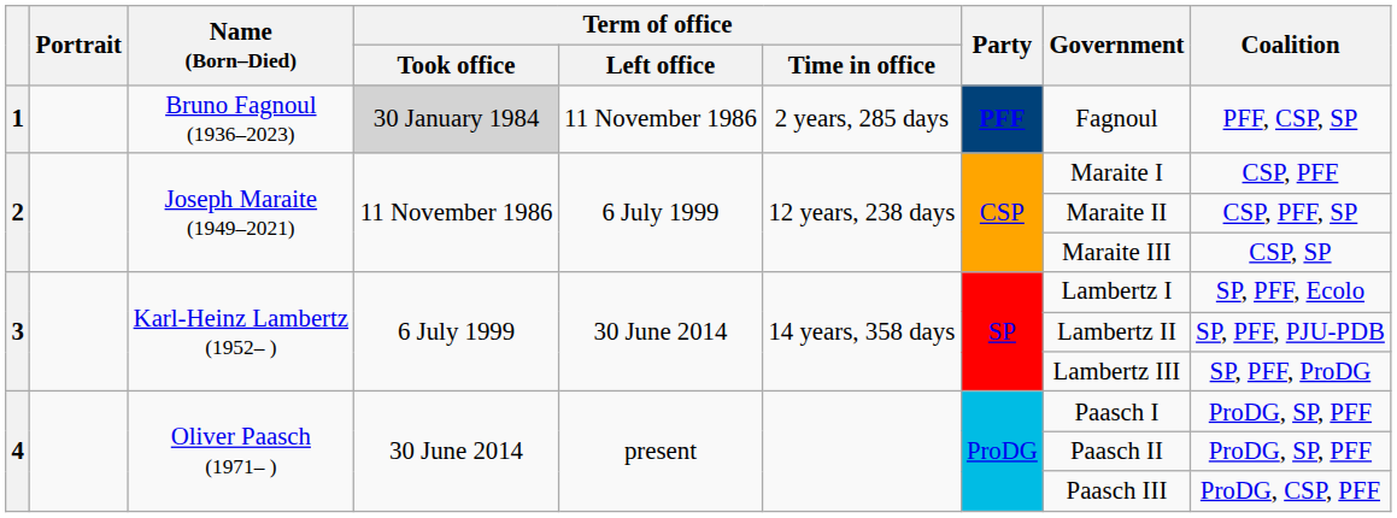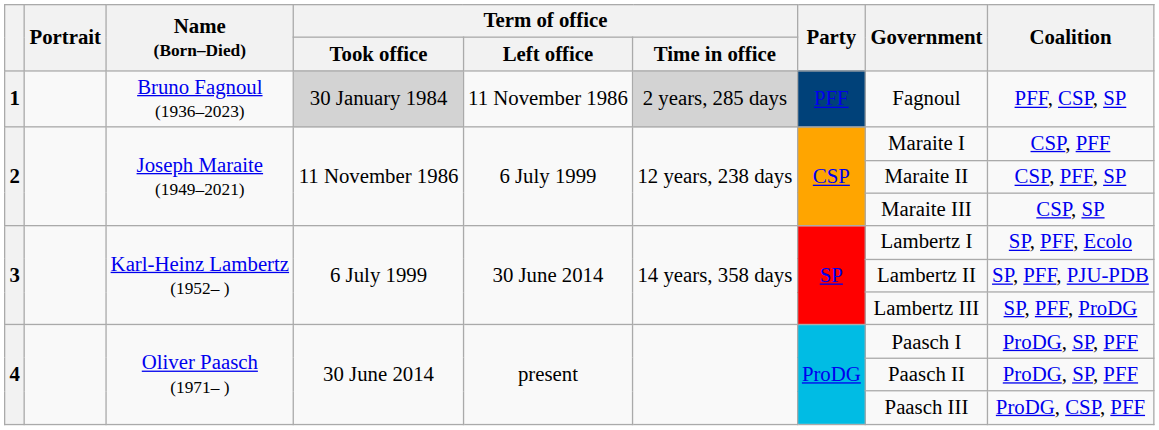 <table class="wikitable" style="text-align:center;">
 <tr>
 <th rowspan="2"></th>
 <th rowspan="2">Portrait</th>
 <th rowspan="2">Name<br><small>(Born–Died)</small></th>
 <th colspan="3">Term of office</th>
 <th rowspan="2">Party</th>
 <th rowspan="2">Government</th>
 <th rowspan="2">Coalition</th>
 </tr>
 <tr>
 <th>Took office</th>
 <th>Left office</th>
 <th>Time in office</th>
 </tr>
 <tr>
 <th style="background:">1</th>
 <td></td>
 <td><a href='#'>Bruno Fagnoul</a><br><small>(1936–2023)</small></td>
 <td style="background: lightgrey;">30 January 1984</td>
 <td>11 November 1986</td>
-<td>2 years, 285 days</td>
-<td bgcolor="#004179"><strong><a href='#'>PFF</a></strong></td>
+<td style="background: lightgrey;">2 years, 285 days</td>
+<td bgcolor="#004179"><a href='#'>PFF</a></td>
 <td>Fagnoul</td>
 <td><a href='#'>PFF</a>, <a href='#'>CSP</a>, <a href='#'>SP</a></td>
 </tr>
 <tr>
 <th rowspan="3" style="background:">2</th>
 <td rowspan="3"></td>
 <td rowspan="3"><a href='#'>Joseph Maraite</a><br><small>(1949–2021)</small></td>
 <td rowspan="3">11 November 1986</td>
 <td rowspan="3">6 July 1999</td>
 <td rowspan="3">12 years, 238 days</td>
 <td rowspan="3" bgcolor="#FFA500"><a href='#'>CSP</a></td>
 <td>Maraite I</td>
 <td><a href='#'>CSP</a>, <a href='#'>PFF</a></td>
 </tr>
 <tr>
 <td>Maraite II</td>
 <td><a href='#'>CSP</a>, <a href='#'>PFF</a>, <a href='#'>SP</a></td>
 </tr>
 <tr>
 <td>Maraite III</td>
 <td><a href='#'>CSP</a>, <a href='#'>SP</a></td>
 </tr>
 <tr>
 <th rowspan="3" style="background:">3</th>
 <td rowspan="3"></td>
 <td rowspan="3"><a href='#'>Karl-Heinz Lambertz</a><br><small>(1952– )</small></td>
 <td rowspan="3">6 July 1999</td>
 <td rowspan="3">30 June 2014</td>
 <td rowspan="3">14 years, 358 days</td>
 <td rowspan="3" bgcolor="#FF0000"><a href='#'>SP</a></td>
 <td>Lambertz I</td>
 <td><a href='#'>SP</a>, <a href='#'>PFF</a>, <a href='#'>Ecolo</a></td>
 </tr>
 <tr>
 <td>Lambertz II</td>
 <td><a href='#'>SP</a>, <a href='#'>PFF</a>, <a href='#'>PJU-PDB</a></td>
 </tr>
 <tr>
 <td>Lambertz III</td>
 <td><a href='#'>SP</a>, <a href='#'>PFF</a>, <a href='#'>ProDG</a></td>
 </tr>
 <tr>
 <th rowspan="3" style="background:">4</th>
 <td rowspan="3"></td>
 <td rowspan="3"><a href='#'>Oliver Paasch</a><br><small>(1971– )</small></td>
 <td rowspan="3">30 June 2014</td>
 <td rowspan="3">present</td>
 <td rowspan="3"></td>
 <td rowspan="3" bgcolor="#00BCE4"><a href='#'>ProDG</a></td>
 <td>Paasch I</td>
 <td><a href='#'>ProDG</a>, <a href='#'>SP</a>, <a href='#'>PFF</a></td>
 </tr>
 <tr>
 <td>Paasch II</td>
 <td><a href='#'>ProDG</a>, <a href='#'>SP</a>, <a href='#'>PFF</a></td>
 </tr>
 <tr>
 <td>Paasch III</td>
 <td><a href='#'>ProDG</a>, <a href='#'>CSP</a>, <a href='#'>PFF</a></td>
 </tr>
 </table>
